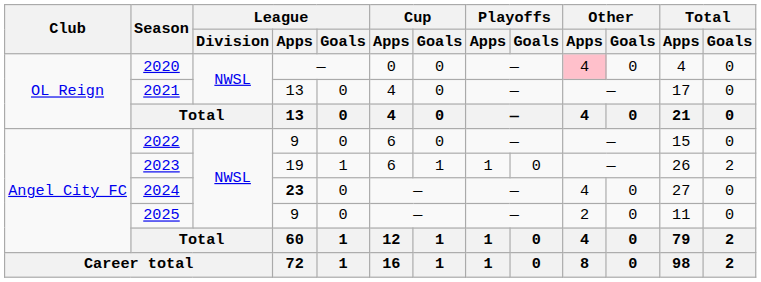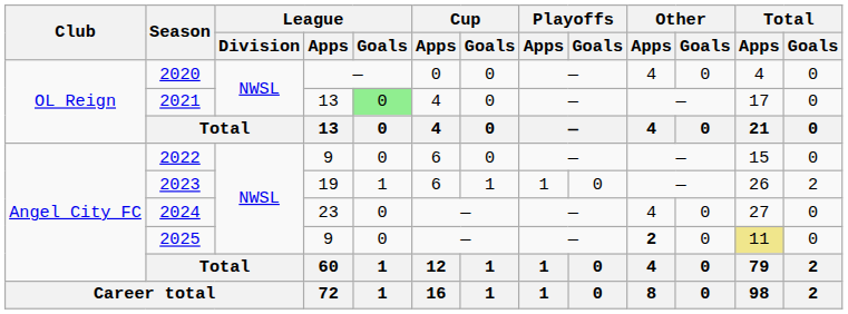 <table class="wikitable" style="text-align: center;">
 <tr>
 <th rowspan="2">Club</th>
 <th rowspan="2">Season</th>
 <th colspan="3">League</th>
 <th colspan="2">Cup</th>
 <th colspan="2">Playoffs</th>
 <th colspan="2">Other</th>
 <th colspan="2">Total</th>
 </tr>
 <tr>
 <th>Division</th>
 <th>Apps</th>
 <th>Goals</th>
 <th>Apps</th>
 <th>Goals</th>
 <th>Apps</th>
 <th>Goals</th>
 <th>Apps</th>
 <th>Goals</th>
 <th>Apps</th>
 <th>Goals</th>
 </tr>
 <tr>
 <td rowspan="3"><a href='#'>OL Reign</a></td>
 <td><a href='#'>2020</a></td>
 <td rowspan="2"><a href='#'>NWSL</a></td>
 <td colspan="2">—</td>
 <td>0</td>
 <td>0</td>
 <td colspan="2">—</td>
-<td style="background: pink;">4</td>
+<td>4</td>
 <td>0</td>
 <td>4</td>
 <td>0</td>
 </tr>
 <tr>
 <td><a href='#'>2021</a></td>
 <td>13</td>
-<td>0</td>
+<td style="background: lightgreen;">0</td>
 <td>4</td>
 <td>0</td>
 <td colspan="2">—</td>
 <td colspan="2">—</td>
 <td>17</td>
 <td>0</td>
 </tr>
 <tr>
 <th colspan="2">Total</th>
 <th>13</th>
 <th>0</th>
 <th>4</th>
 <th>0</th>
 <th colspan="2">—</th>
 <th>4</th>
 <th>0</th>
 <th>21</th>
 <th>0</th>
 </tr>
 <tr>
 <td rowspan="5"><a href='#'>Angel City FC</a></td>
 <td><a href='#'>2022</a></td>
 <td rowspan="4"><a href='#'>NWSL</a></td>
 <td>9</td>
 <td>0</td>
 <td>6</td>
 <td>0</td>
 <td colspan="2">—</td>
 <td colspan="2">—</td>
 <td>15</td>
 <td>0</td>
 </tr>
 <tr>
 <td><a href='#'>2023</a></td>
 <td>19</td>
 <td>1</td>
 <td>6</td>
 <td>1</td>
 <td>1</td>
 <td>0</td>
 <td colspan="2">—</td>
 <td>26</td>
 <td>2</td>
 </tr>
 <tr>
 <td><a href='#'>2024</a></td>
-<td><strong>23</strong></td>
+<td>23</td>
 <td>0</td>
 <td colspan="2">—</td>
 <td colspan="2">—</td>
 <td>4</td>
 <td>0</td>
 <td>27</td>
 <td>0</td>
 </tr>
 <tr>
 <td><a href='#'>2025</a></td>
 <td>9</td>
 <td>0</td>
 <td colspan="2">—</td>
 <td colspan="2">—</td>
-<td>2</td>
+<td><strong>2</strong></td>
 <td>0</td>
-<td>11</td>
+<td style="background: khaki;">11</td>
 <td>0</td>
 </tr>
 <tr>
 <th colspan="2">Total</th>
 <th>60</th>
 <th>1</th>
 <th>12</th>
 <th>1</th>
 <th>1</th>
 <th>0</th>
 <th>4</th>
 <th>0</th>
 <th>79</th>
 <th>2</th>
 </tr>
 <tr>
 <th colspan="3">Career total</th>
 <th>72</th>
 <th>1</th>
 <th>16</th>
 <th>1</th>
 <th>1</th>
 <th>0</th>
 <th>8</th>
 <th>0</th>
 <th>98</th>
 <th>2</th>
 </tr>
 </table>
